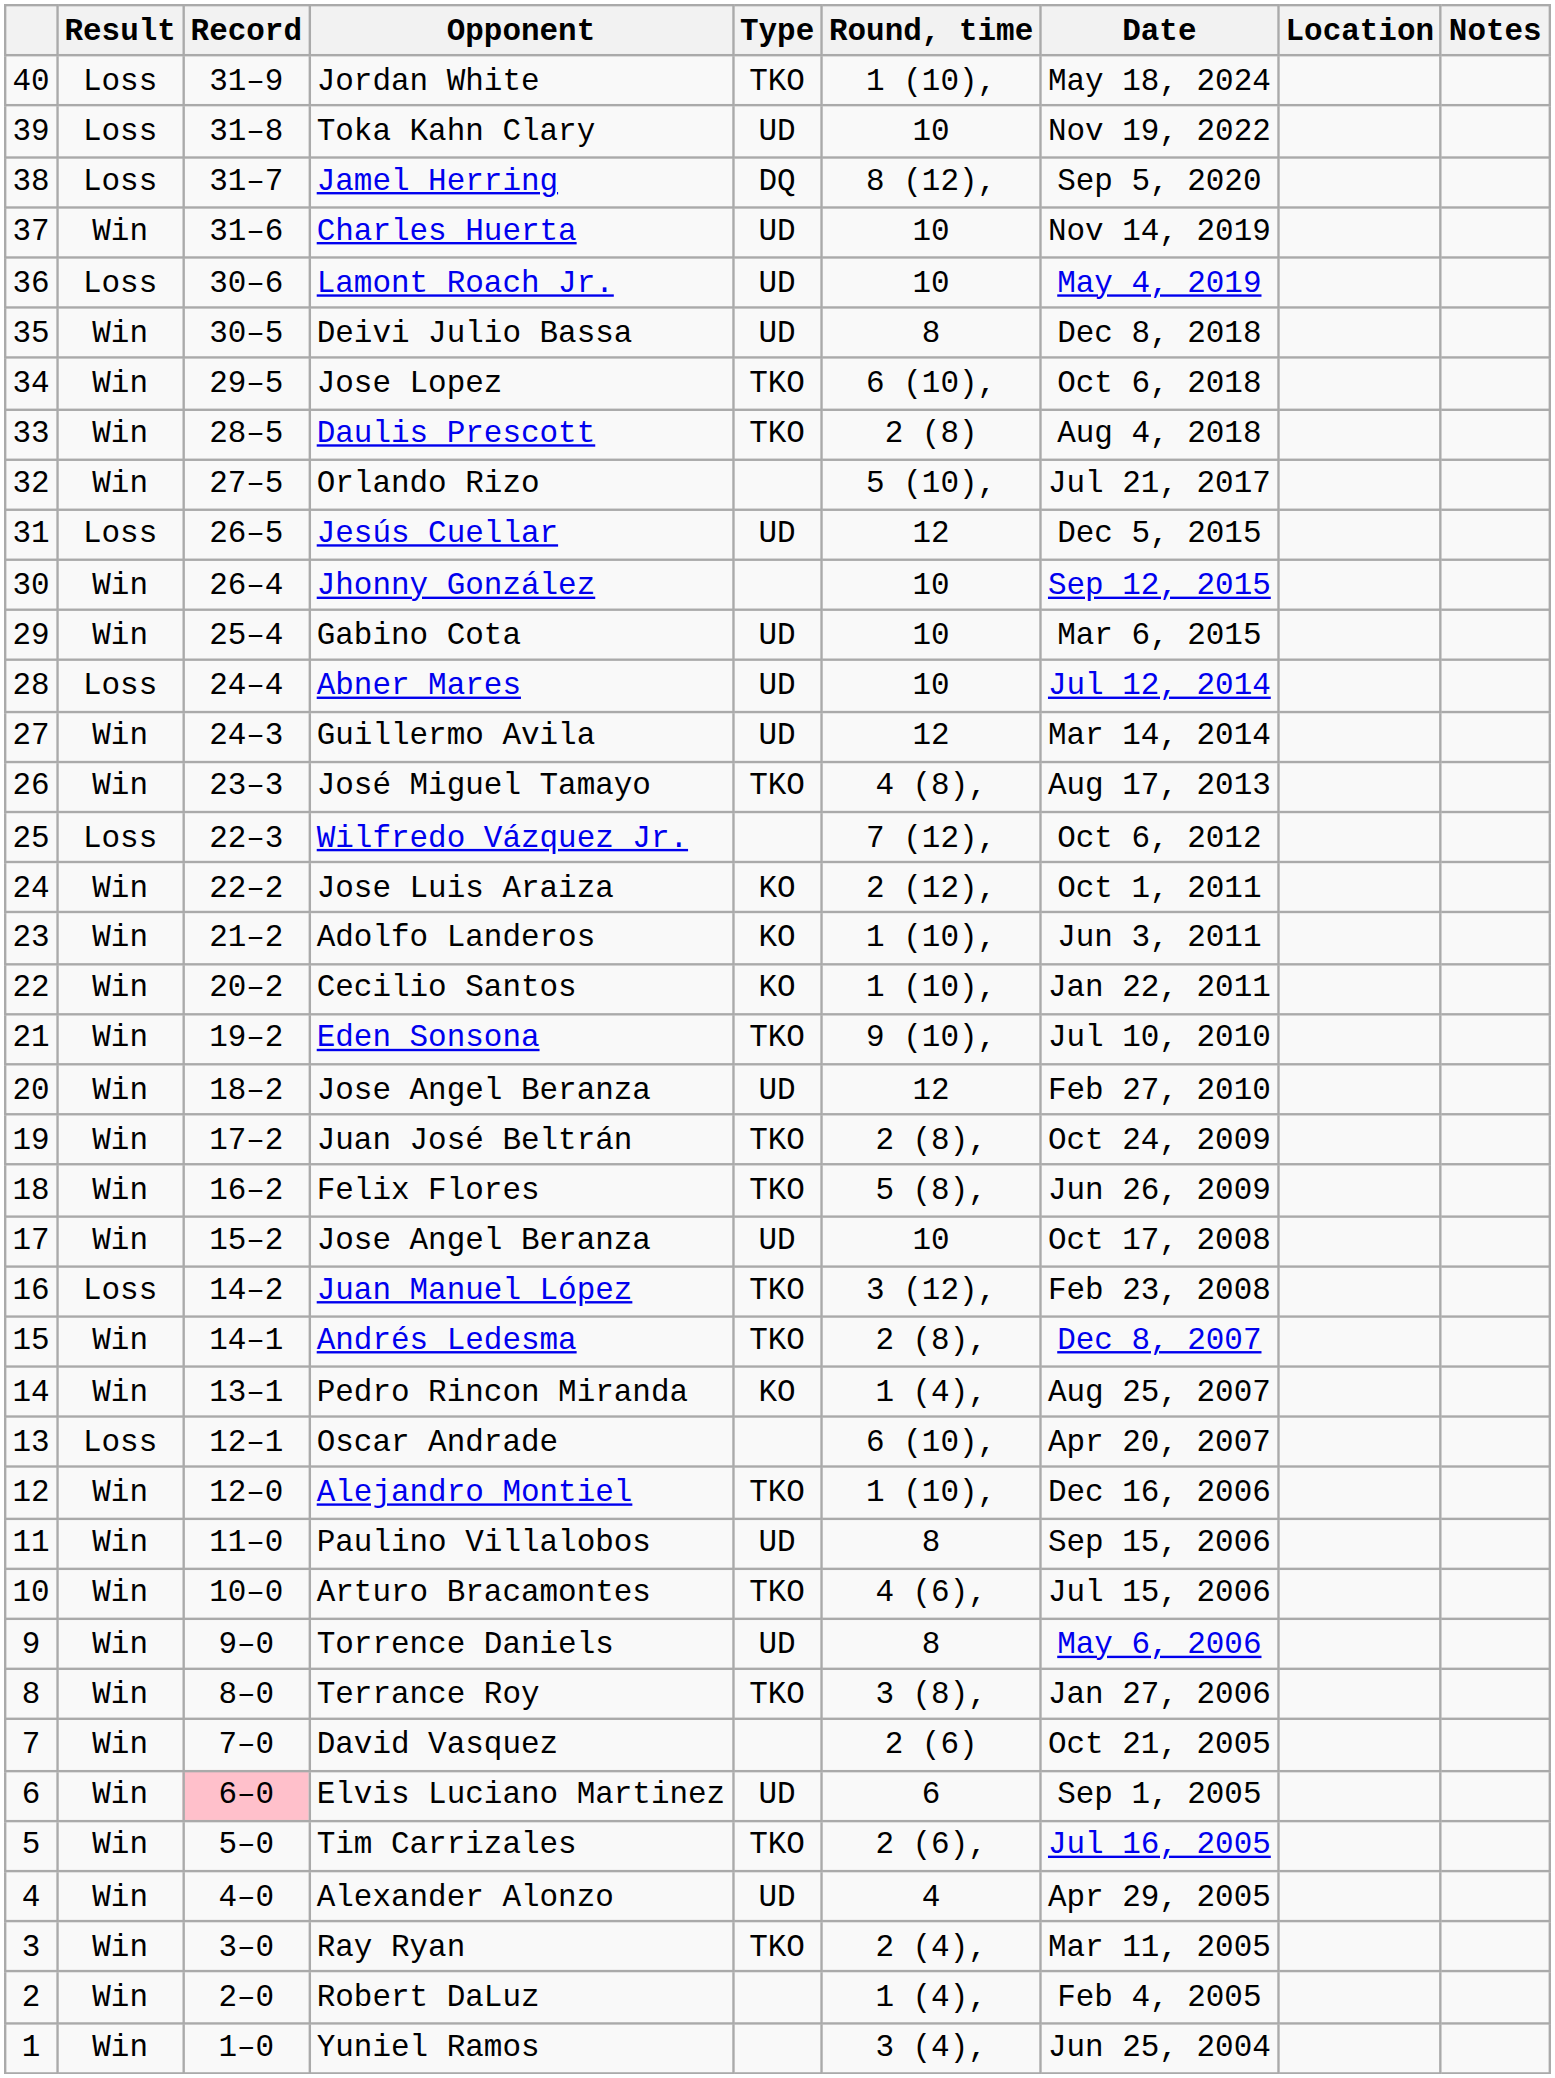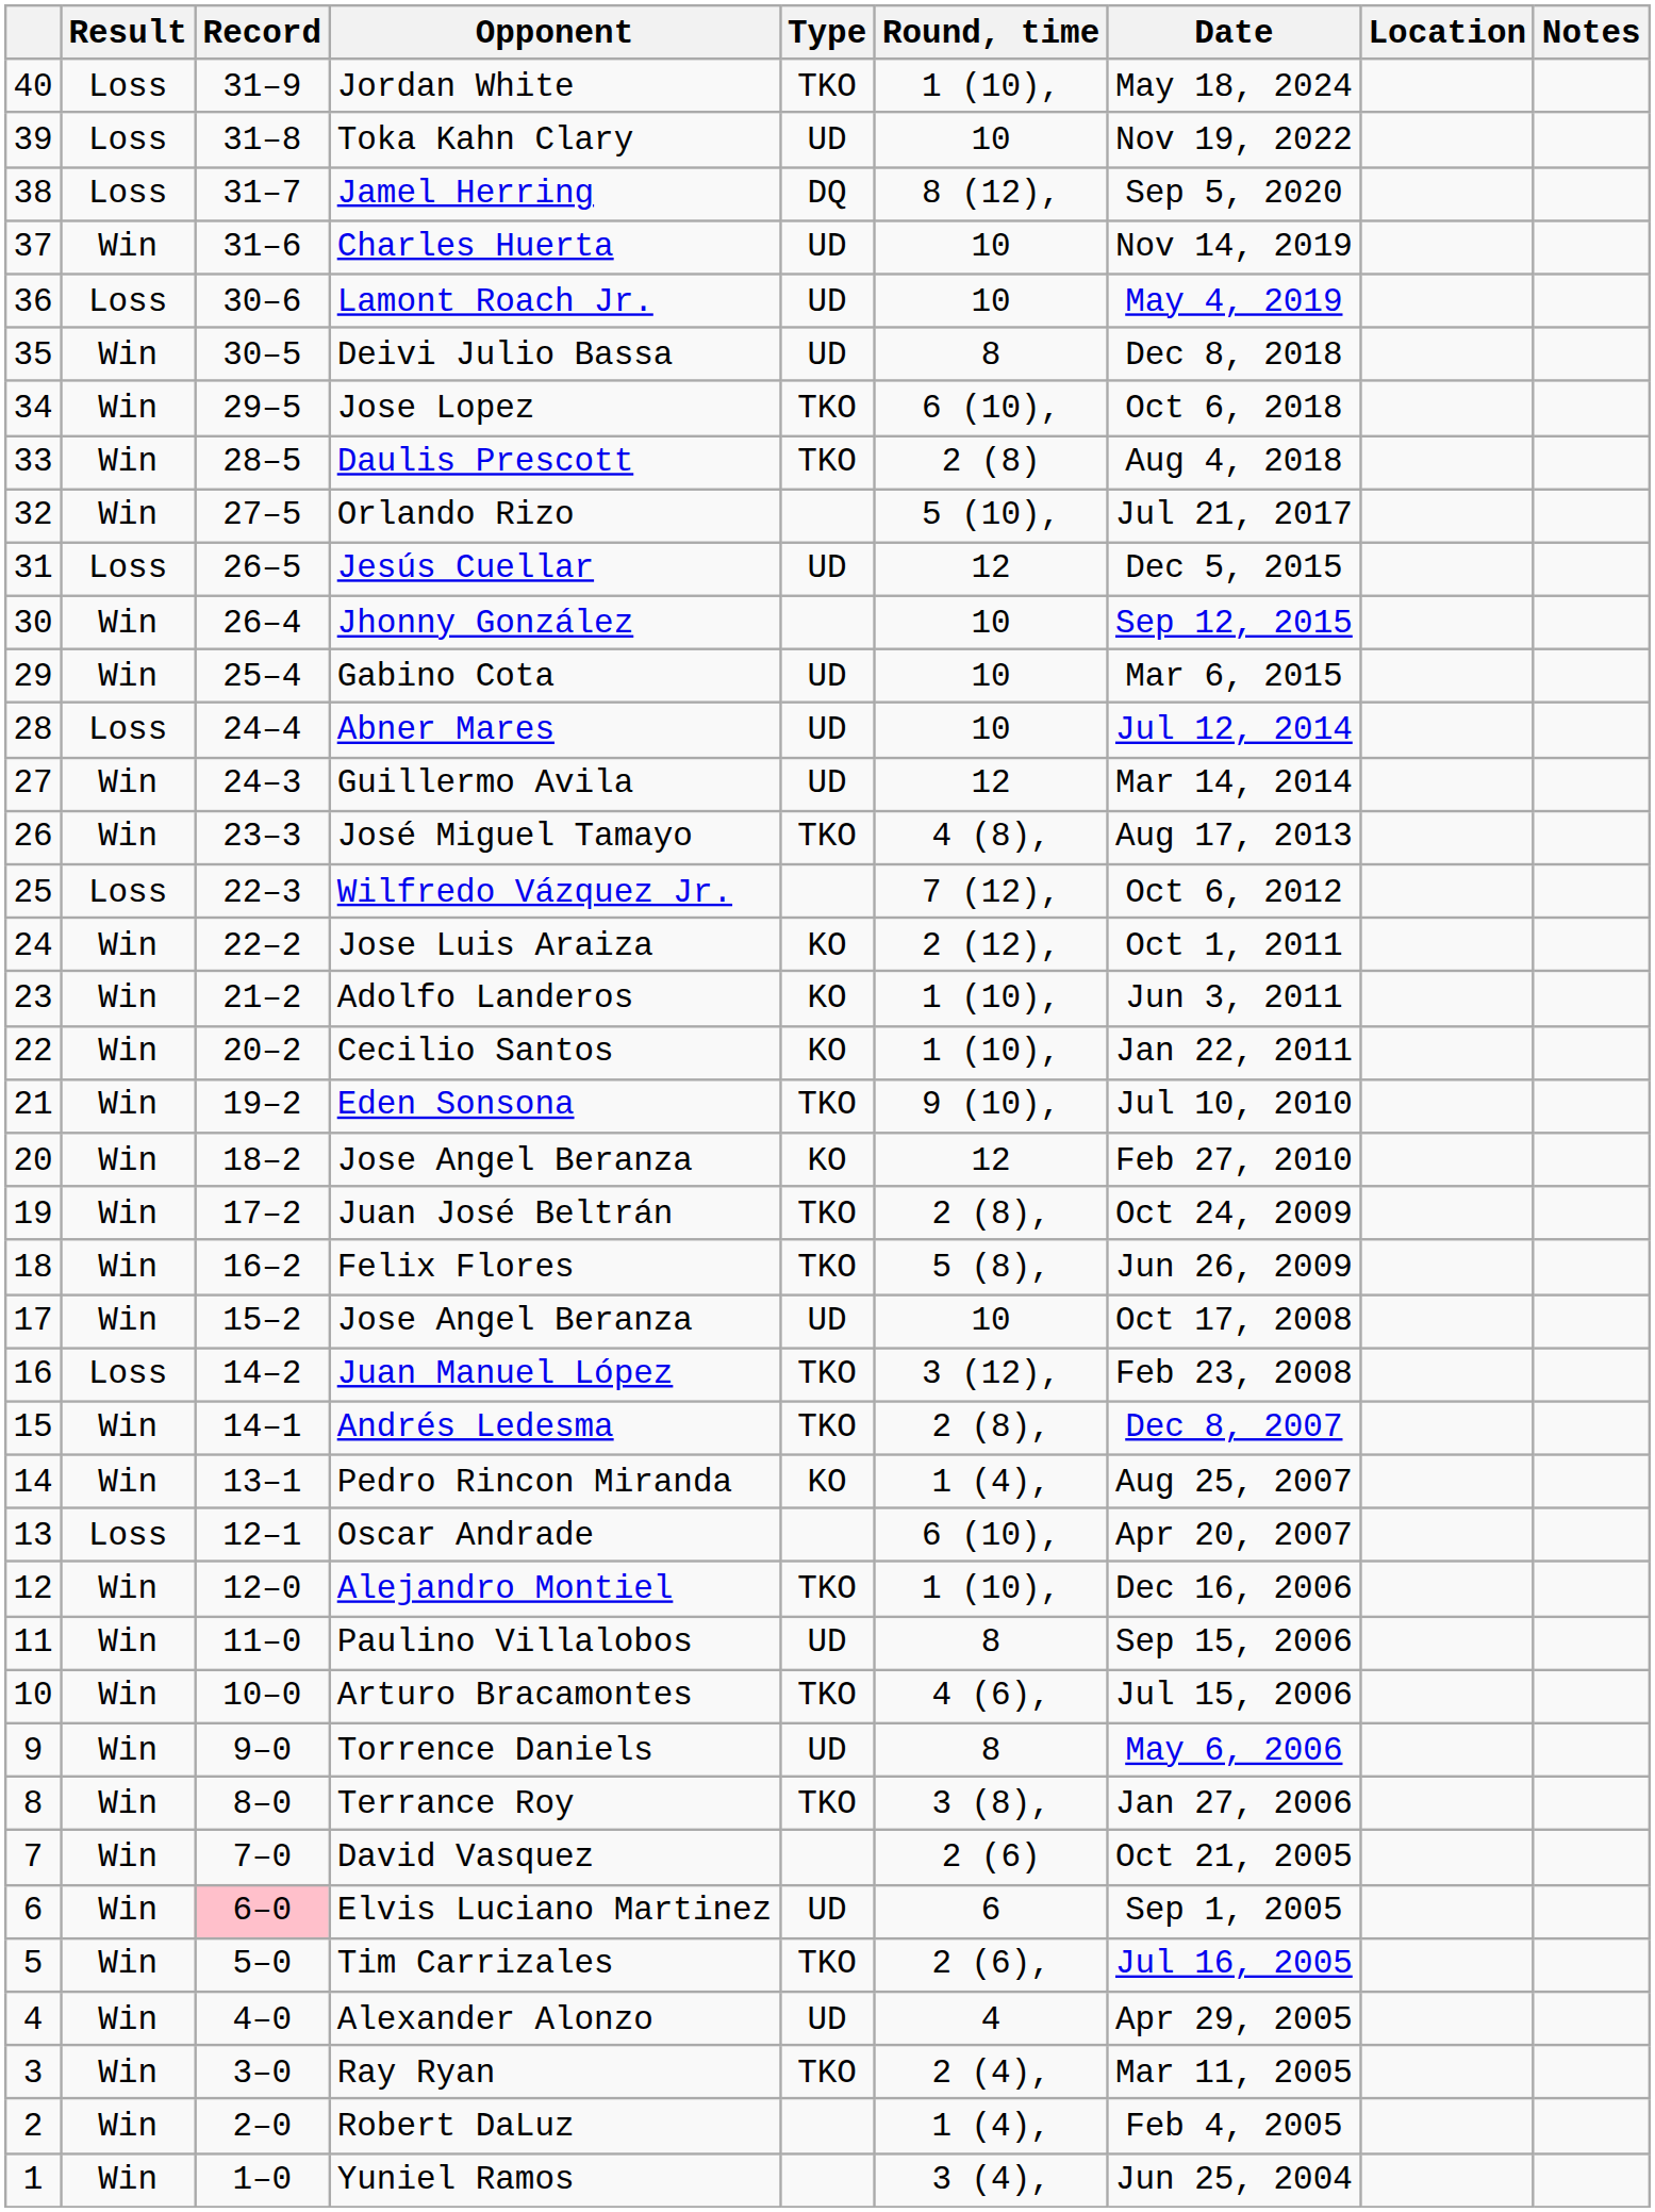 <table class="wikitable" style="text-align:center">
 <tr>
 <th></th>
 <th>Result</th>
 <th>Record</th>
 <th>Opponent</th>
 <th>Type</th>
 <th>Round, time</th>
 <th>Date</th>
 <th>Location</th>
 <th>Notes</th>
 </tr>
 <tr>
 <td>40</td>
 <td>Loss</td>
 <td>31–9</td>
 <td align=left>Jordan White</td>
 <td>TKO</td>
 <td>1 (10), </td>
 <td>May 18, 2024</td>
 <td align=left></td>
 <td></td>
 </tr>
 <tr>
 <td>39</td>
 <td>Loss</td>
 <td>31–8</td>
 <td align=left>Toka Kahn Clary</td>
 <td>UD</td>
 <td>10</td>
 <td>Nov 19, 2022</td>
 <td align=left></td>
 <td></td>
 </tr>
 <tr>
 <td>38</td>
 <td>Loss</td>
 <td>31–7</td>
 <td align=left><a href='#'>Jamel Herring</a></td>
 <td>DQ</td>
 <td>8 (12), </td>
 <td>Sep 5, 2020</td>
 <td align=left></td>
 <td align=left></td>
 </tr>
 <tr>
 <td>37</td>
 <td>Win</td>
 <td>31–6</td>
 <td align=left><a href='#'>Charles Huerta</a></td>
 <td>UD</td>
 <td>10</td>
 <td>Nov 14, 2019</td>
 <td align=left></td>
 <td align=left></td>
 </tr>
 <tr>
 <td>36</td>
 <td>Loss</td>
 <td>30–6</td>
 <td align=left><a href='#'>Lamont Roach Jr.</a></td>
 <td>UD</td>
 <td>10</td>
 <td><a href='#'>May 4, 2019</a></td>
 <td align=left></td>
 <td align=left></td>
 </tr>
 <tr>
 <td>35</td>
 <td>Win</td>
 <td>30–5</td>
 <td align=left>Deivi Julio Bassa</td>
 <td>UD</td>
 <td>8</td>
 <td>Dec 8, 2018</td>
 <td align=left></td>
 <td></td>
 </tr>
 <tr>
 <td>34</td>
 <td>Win</td>
 <td>29–5</td>
 <td align=left>Jose Lopez</td>
 <td>TKO</td>
 <td>6 (10), </td>
 <td>Oct 6, 2018</td>
 <td align=left></td>
 <td align=left></td>
 </tr>
 <tr>
 <td>33</td>
 <td>Win</td>
 <td>28–5</td>
 <td align=left><a href='#'>Daulis Prescott</a></td>
 <td>TKO</td>
 <td>2 (8)</td>
 <td>Aug 4, 2018</td>
 <td align=left></td>
 <td></td>
 </tr>
 <tr>
 <td>32</td>
 <td>Win</td>
 <td>27–5</td>
 <td align=left>Orlando Rizo</td>
 <td></td>
 <td>5 (10), </td>
 <td>Jul 21, 2017</td>
 <td align=left></td>
 <td></td>
 </tr>
 <tr>
 <td>31</td>
 <td>Loss</td>
 <td>26–5</td>
 <td align=left><a href='#'>Jesús Cuellar</a></td>
 <td>UD</td>
 <td>12</td>
 <td>Dec 5, 2015</td>
 <td align=left></td>
 <td align=left></td>
 </tr>
 <tr>
 <td>30</td>
 <td>Win</td>
 <td>26–4</td>
 <td align=left><a href='#'>Jhonny González</a></td>
 <td></td>
 <td>10</td>
 <td><a href='#'>Sep 12, 2015</a></td>
 <td align=left></td>
 <td></td>
 </tr>
 <tr>
 <td>29</td>
 <td>Win</td>
 <td>25–4</td>
 <td align=left>Gabino Cota</td>
 <td>UD</td>
 <td>10</td>
 <td>Mar 6, 2015</td>
 <td align=left></td>
 <td align=left></td>
 </tr>
 <tr>
 <td>28</td>
 <td>Loss</td>
 <td>24–4</td>
 <td align=left><a href='#'>Abner Mares</a></td>
 <td>UD</td>
 <td>10</td>
 <td><a href='#'>Jul 12, 2014</a></td>
 <td align=left></td>
 <td></td>
 </tr>
 <tr>
 <td>27</td>
 <td>Win</td>
 <td>24–3</td>
 <td align=left>Guillermo Avila</td>
 <td>UD</td>
 <td>12</td>
 <td>Mar 14, 2014</td>
 <td align=left></td>
 <td></td>
 </tr>
 <tr>
 <td>26</td>
 <td>Win</td>
 <td>23–3</td>
 <td align=left>José Miguel Tamayo</td>
 <td>TKO</td>
 <td>4 (8), </td>
 <td>Aug 17, 2013</td>
 <td align=left></td>
 <td></td>
 </tr>
 <tr>
 <td>25</td>
 <td>Loss</td>
 <td>22–3</td>
 <td align=left><a href='#'>Wilfredo Vázquez Jr.</a></td>
 <td></td>
 <td>7 (12), </td>
 <td>Oct 6, 2012</td>
 <td align=left></td>
 <td align=left></td>
 </tr>
 <tr>
 <td>24</td>
 <td>Win</td>
 <td>22–2</td>
 <td align=left>Jose Luis Araiza</td>
 <td>KO</td>
 <td>2 (12), </td>
 <td>Oct 1, 2011</td>
 <td align=left></td>
 <td align=left></td>
 </tr>
 <tr>
 <td>23</td>
 <td>Win</td>
 <td>21–2</td>
 <td align=left>Adolfo Landeros</td>
 <td>KO</td>
 <td>1 (10), </td>
 <td>Jun 3, 2011</td>
 <td align=left></td>
 <td></td>
 </tr>
 <tr>
 <td>22</td>
 <td>Win</td>
 <td>20–2</td>
 <td align=left>Cecilio Santos</td>
 <td>KO</td>
 <td>1 (10), </td>
 <td>Jan 22, 2011</td>
 <td align=left></td>
 <td></td>
 </tr>
 <tr>
 <td>21</td>
 <td>Win</td>
 <td>19–2</td>
 <td align=left><a href='#'>Eden Sonsona</a></td>
 <td>TKO</td>
 <td>9 (10), </td>
 <td>Jul 10, 2010</td>
 <td align=left></td>
 <td align=left></td>
 </tr>
 <tr>
 <td>20</td>
 <td>Win</td>
 <td>18–2</td>
 <td align=left>Jose Angel Beranza</td>
-<td>UD</td>
+<td>KO</td>
 <td>12</td>
 <td>Feb 27, 2010</td>
 <td align=left></td>
 <td align=left></td>
 </tr>
 <tr>
 <td>19</td>
 <td>Win</td>
 <td>17–2</td>
 <td align=left>Juan José Beltrán</td>
 <td>TKO</td>
 <td>2 (8), </td>
 <td>Oct 24, 2009</td>
 <td align=left></td>
 <td></td>
 </tr>
 <tr>
 <td>18</td>
 <td>Win</td>
 <td>16–2</td>
 <td align=left>Felix Flores</td>
 <td>TKO</td>
 <td>5 (8), </td>
 <td>Jun 26, 2009</td>
 <td align=left></td>
 <td></td>
 </tr>
 <tr>
 <td>17</td>
 <td>Win</td>
 <td>15–2</td>
 <td align=left>Jose Angel Beranza</td>
 <td>UD</td>
 <td>10</td>
 <td>Oct 17, 2008</td>
 <td align=left></td>
 <td></td>
 </tr>
 <tr>
 <td>16</td>
 <td>Loss</td>
 <td>14–2</td>
 <td align=left><a href='#'>Juan Manuel López</a></td>
 <td>TKO</td>
 <td>3 (12), </td>
 <td>Feb 23, 2008</td>
 <td align=left></td>
 <td align=left></td>
 </tr>
 <tr>
 <td>15</td>
 <td>Win</td>
 <td>14–1</td>
 <td align=left><a href='#'>Andrés Ledesma</a></td>
 <td>TKO</td>
 <td>2 (8), </td>
 <td><a href='#'>Dec 8, 2007</a></td>
 <td align=left></td>
 <td></td>
 </tr>
 <tr>
 <td>14</td>
 <td>Win</td>
 <td>13–1</td>
 <td align=left>Pedro Rincon Miranda</td>
 <td>KO</td>
 <td>1 (4), </td>
 <td>Aug 25, 2007</td>
 <td align=left></td>
 <td></td>
 </tr>
 <tr>
 <td>13</td>
 <td>Loss</td>
 <td>12–1</td>
 <td align=left>Oscar Andrade</td>
 <td></td>
 <td>6 (10), </td>
 <td>Apr 20, 2007</td>
 <td align=left></td>
 <td align=left></td>
 </tr>
 <tr>
 <td>12</td>
 <td>Win</td>
 <td>12–0</td>
 <td align=left><a href='#'>Alejandro Montiel</a></td>
 <td>TKO</td>
 <td>1 (10), </td>
 <td>Dec 16, 2006</td>
 <td align=left></td>
 <td></td>
 </tr>
 <tr>
 <td>11</td>
 <td>Win</td>
 <td>11–0</td>
 <td align=left>Paulino Villalobos</td>
 <td>UD</td>
 <td>8</td>
 <td>Sep 15, 2006</td>
 <td align=left></td>
 <td></td>
 </tr>
 <tr>
 <td>10</td>
 <td>Win</td>
 <td>10–0</td>
 <td align=left>Arturo Bracamontes</td>
 <td>TKO</td>
 <td>4 (6), </td>
 <td>Jul 15, 2006</td>
 <td align=left></td>
 <td></td>
 </tr>
 <tr>
 <td>9</td>
 <td>Win</td>
 <td>9–0</td>
 <td align=left>Torrence Daniels</td>
 <td>UD</td>
 <td>8</td>
 <td><a href='#'>May 6, 2006</a></td>
 <td align=left></td>
 <td></td>
 </tr>
 <tr>
 <td>8</td>
 <td>Win</td>
 <td>8–0</td>
 <td align=left>Terrance Roy</td>
 <td>TKO</td>
 <td>3 (8), </td>
 <td>Jan 27, 2006</td>
 <td align=left></td>
 <td></td>
 </tr>
 <tr>
 <td>7</td>
 <td>Win</td>
 <td>7–0</td>
 <td align=left>David Vasquez</td>
 <td></td>
 <td>2 (6)</td>
 <td>Oct 21, 2005</td>
 <td align=left></td>
 <td></td>
 </tr>
 <tr>
 <td>6</td>
 <td>Win</td>
 <td style="background: pink;">6–0</td>
 <td align=left>Elvis Luciano Martinez</td>
 <td>UD</td>
 <td>6</td>
 <td>Sep 1, 2005</td>
 <td align=left></td>
 <td></td>
 </tr>
 <tr>
 <td>5</td>
 <td>Win</td>
 <td>5–0</td>
 <td align=left>Tim Carrizales</td>
 <td>TKO</td>
 <td>2 (6), </td>
 <td><a href='#'>Jul 16, 2005</a></td>
 <td align=left></td>
 <td></td>
 </tr>
 <tr>
 <td>4</td>
 <td>Win</td>
 <td>4–0</td>
 <td align=left>Alexander Alonzo</td>
 <td>UD</td>
 <td>4</td>
 <td>Apr 29, 2005</td>
 <td align=left></td>
 <td></td>
 </tr>
 <tr>
 <td>3</td>
 <td>Win</td>
 <td>3–0</td>
 <td align=left>Ray Ryan</td>
 <td>TKO</td>
 <td>2 (4), </td>
 <td>Mar 11, 2005</td>
 <td align=left></td>
 <td></td>
 </tr>
 <tr>
 <td>2</td>
 <td>Win</td>
 <td>2–0</td>
 <td align=left>Robert DaLuz</td>
 <td></td>
 <td>1 (4), </td>
 <td>Feb 4, 2005</td>
 <td align=left></td>
 <td></td>
 </tr>
 <tr>
 <td>1</td>
 <td>Win</td>
 <td>1–0</td>
 <td align=left>Yuniel Ramos</td>
 <td></td>
 <td>3 (4), </td>
 <td>Jun 25, 2004</td>
 <td align=left></td>
 <td></td>
 </tr>
 </table>
